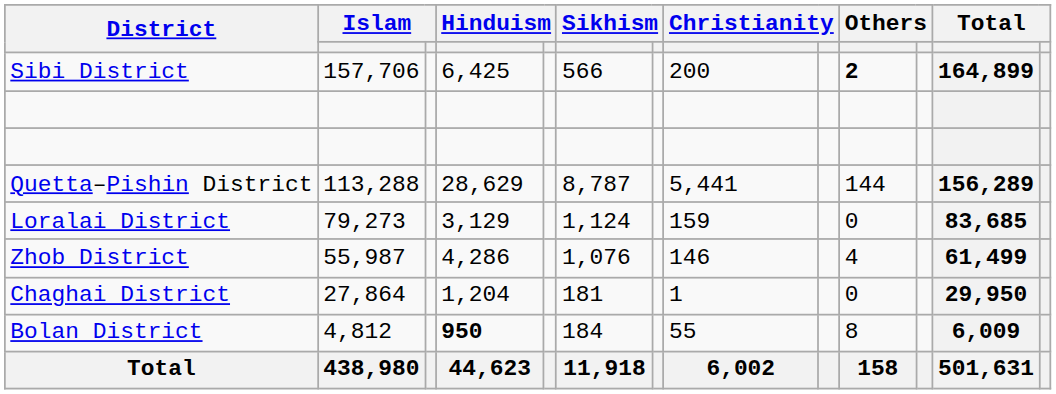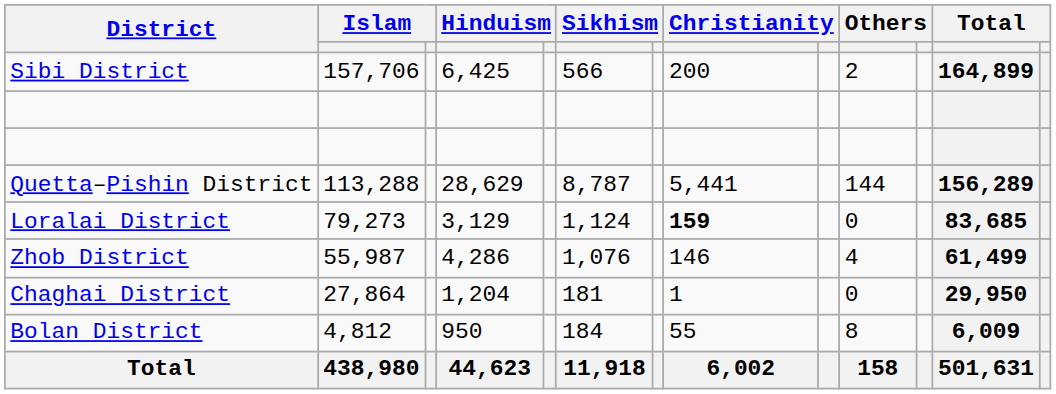 <table class="wikitable sortable">
 <tr>
 <th rowspan="2"><a href='#'>District</a></th>
 <th colspan="2"><a href='#'>Islam</a> </th>
 <th colspan="2"><a href='#'>Hinduism</a> </th>
 <th colspan="2"><a href='#'>Sikhism</a> </th>
 <th colspan="2"><a href='#'>Christianity</a> </th>
 <th colspan="2">Others</th>
 <th colspan="2">Total</th>
 </tr>
 <tr>
 <th><a href='#'></a></th>
 <th></th>
 <th></th>
 <th></th>
 <th></th>
 <th></th>
 <th></th>
 <th></th>
 <th></th>
 <th></th>
 <th></th>
 <th></th>
 </tr>
 <tr>
 <td><a href='#'>Sibi District</a></td>
 <td>157,706</td>
 <td></td>
 <td>6,425</td>
 <td></td>
 <td>566</td>
 <td></td>
 <td>200</td>
 <td></td>
-<td><strong>2</strong></td>
+<td>2</td>
 <td></td>
 <th>164,899</th>
 <th></th>
 </tr>
 <tr>
 <td><br></td>
 <td></td>
 <td></td>
 <td></td>
 <td></td>
 <td></td>
 <td></td>
 <td></td>
 <td></td>
 <td></td>
 <td></td>
 <th></th>
 <th></th>
 </tr>
 <tr>
 <td><br></td>
 <td></td>
 <td></td>
 <td></td>
 <td></td>
 <td></td>
 <td></td>
 <td></td>
 <td></td>
 <td></td>
 <td></td>
 <th></th>
 <th></th>
 </tr>
 <tr>
 <td><a href='#'>Quetta</a>–<a href='#'>Pishin</a> District</td>
 <td>113,288</td>
 <td></td>
 <td>28,629</td>
 <td></td>
 <td>8,787</td>
 <td></td>
 <td>5,441</td>
 <td></td>
 <td>144</td>
 <td></td>
 <th>156,289</th>
 <th></th>
 </tr>
 <tr>
 <td><a href='#'>Loralai District</a></td>
 <td>79,273</td>
 <td></td>
 <td>3,129</td>
 <td></td>
 <td>1,124</td>
 <td></td>
-<td>159</td>
+<td><strong>159</strong></td>
 <td></td>
 <td>0</td>
 <td></td>
 <th>83,685</th>
 <th></th>
 </tr>
 <tr>
 <td><a href='#'>Zhob District</a></td>
 <td>55,987</td>
 <td></td>
 <td>4,286</td>
 <td></td>
 <td>1,076</td>
 <td></td>
 <td>146</td>
 <td></td>
 <td>4</td>
 <td></td>
 <th>61,499</th>
 <th></th>
 </tr>
 <tr>
 <td><a href='#'>Chaghai District</a></td>
 <td>27,864</td>
 <td></td>
 <td>1,204</td>
 <td></td>
 <td>181</td>
 <td></td>
 <td>1</td>
 <td></td>
 <td>0</td>
 <td></td>
 <th>29,950</th>
 <th></th>
 </tr>
 <tr>
 <td><a href='#'>Bolan District</a></td>
 <td>4,812</td>
 <td></td>
-<td><strong>950</strong></td>
+<td>950</td>
 <td></td>
 <td>184</td>
 <td></td>
 <td>55</td>
 <td></td>
 <td>8</td>
 <td></td>
 <th>6,009</th>
 <th></th>
 </tr>
 <tr>
 <th>Total</th>
 <th>438,980</th>
 <th></th>
 <th>44,623</th>
 <th></th>
 <th>11,918</th>
 <th></th>
 <th>6,002</th>
 <th></th>
 <th>158</th>
 <th></th>
 <th>501,631</th>
 <th></th>
 </tr>
 </table>
